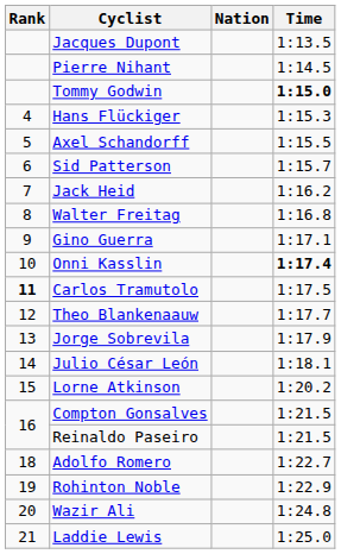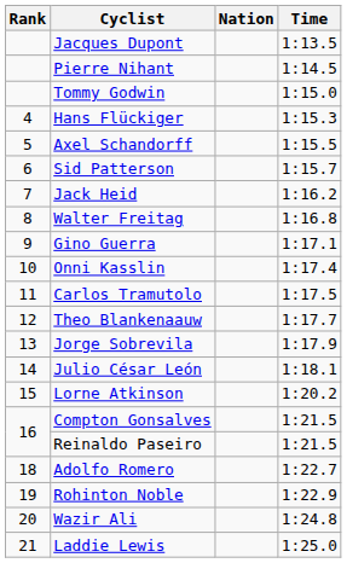 <table class="wikitable sortable" style="text-align:center">
 <tr>
 <th>Rank</th>
 <th>Cyclist</th>
 <th>Nation</th>
 <th>Time</th>
 </tr>
 <tr>
 <td></td>
 <td align=left><a href='#'>Jacques Dupont</a></td>
 <td align=left></td>
 <td>1:13.5</td>
 </tr>
 <tr>
 <td></td>
 <td align=left><a href='#'>Pierre Nihant</a></td>
 <td align=left></td>
 <td>1:14.5</td>
 </tr>
 <tr>
 <td></td>
 <td align=left><a href='#'>Tommy Godwin</a></td>
 <td align=left></td>
-<td><strong>1:15.0</strong></td>
+<td>1:15.0</td>
 </tr>
 <tr>
 <td>4</td>
 <td align=left><a href='#'>Hans Flückiger</a></td>
 <td align=left></td>
 <td>1:15.3</td>
 </tr>
 <tr>
 <td>5</td>
 <td align=left><a href='#'>Axel Schandorff</a></td>
 <td align=left></td>
 <td>1:15.5</td>
 </tr>
 <tr>
 <td>6</td>
 <td align=left><a href='#'>Sid Patterson</a></td>
 <td align=left></td>
 <td>1:15.7</td>
 </tr>
 <tr>
 <td>7</td>
 <td align=left><a href='#'>Jack Heid</a></td>
 <td align=left></td>
 <td>1:16.2</td>
 </tr>
 <tr>
 <td>8</td>
 <td align=left><a href='#'>Walter Freitag</a></td>
 <td align=left></td>
 <td>1:16.8</td>
 </tr>
 <tr>
 <td>9</td>
 <td align=left><a href='#'>Gino Guerra</a></td>
 <td align=left></td>
 <td>1:17.1</td>
 </tr>
 <tr>
 <td>10</td>
 <td align=left><a href='#'>Onni Kasslin</a></td>
 <td align=left></td>
-<td><strong>1:17.4</strong></td>
+<td>1:17.4</td>
 </tr>
 <tr>
-<td><strong>11</strong></td>
+<td>11</td>
 <td align=left><a href='#'>Carlos Tramutolo</a></td>
 <td align=left></td>
 <td>1:17.5</td>
 </tr>
 <tr>
 <td>12</td>
 <td align=left><a href='#'>Theo Blankenaauw</a></td>
 <td align=left></td>
 <td>1:17.7</td>
 </tr>
 <tr>
 <td>13</td>
 <td align=left><a href='#'>Jorge Sobrevila</a></td>
 <td align=left></td>
 <td>1:17.9</td>
 </tr>
 <tr>
 <td>14</td>
 <td align=left><a href='#'>Julio César León</a></td>
 <td align=left></td>
 <td>1:18.1</td>
 </tr>
 <tr>
 <td>15</td>
 <td align=left><a href='#'>Lorne Atkinson</a></td>
 <td align=left></td>
 <td>1:20.2</td>
 </tr>
 <tr>
 <td rowspan=2>16</td>
 <td align=left><a href='#'>Compton Gonsalves</a></td>
 <td align=left></td>
 <td>1:21.5</td>
 </tr>
 <tr>
 <td align=left>Reinaldo Paseiro</td>
 <td align=left></td>
 <td>1:21.5</td>
 </tr>
 <tr>
 <td>18</td>
 <td align=left><a href='#'>Adolfo Romero</a></td>
 <td align=left></td>
 <td>1:22.7</td>
 </tr>
 <tr>
 <td>19</td>
 <td align=left><a href='#'>Rohinton Noble</a></td>
 <td align=left></td>
 <td>1:22.9</td>
 </tr>
 <tr>
 <td>20</td>
 <td align=left><a href='#'>Wazir Ali</a></td>
 <td align=left></td>
 <td>1:24.8</td>
 </tr>
 <tr>
 <td>21</td>
 <td align=left><a href='#'>Laddie Lewis</a></td>
 <td align=left></td>
 <td>1:25.0</td>
 </tr>
 </table>
